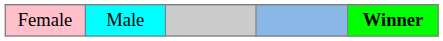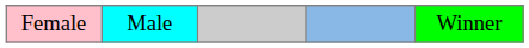 <table border="2" cellpadding="4" style="margin:1em auto; background:gray; border:1px solid gray; border-collapse:collapse; text-align:center;">
 <tr>
 </tr>
 <tr>
 <td style="background:pink; width:15%;">Female</td>
 <td style="background:cyan; width:15%;">Male</td>
 <td bgcolor="CCCCCC" width="17%"></td>
 <td bgcolor="8AB8E6" width="17%"></td>
-<td bgcolor="lime" width="17%"><strong>Winner</strong></td>
+<td bgcolor="lime" width="17%">Winner</td>
 </tr>
 </table>
